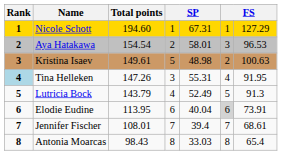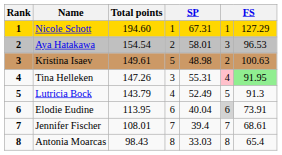 <table class="wikitable sortable">
 <tr>
 <th>Rank</th>
 <th>Name</th>
 <th>Total points</th>
 <th colspan="2" width="80px"><a href='#'>SP</a></th>
 <th colspan="2" width="80px"><a href='#'>FS</a></th>
 </tr>
 <tr bgcolor="gold">
 <td align="center"><strong>1</strong></td>
 <td><a href='#'>Nicole Schott</a></td>
 <td align="center">194.60</td>
 <td align="center">1</td>
 <td align="center">67.31</td>
 <td align="center">1</td>
 <td align="center">127.29</td>
 </tr>
 <tr bgcolor="silver">
 <td align="center"><strong>2</strong></td>
 <td><a href='#'>Aya Hatakawa</a></td>
 <td align="center">154.54</td>
 <td align="center">2</td>
 <td align="center">58.01</td>
 <td align="center">3</td>
 <td align="center">96.53</td>
 </tr>
 <tr bgcolor="cc9966">
 <td align="center"><strong>3</strong></td>
 <td>Kristina Isaev</td>
 <td align="center">149.61</td>
 <td align="center">5</td>
 <td align="center">48.98</td>
 <td align="center">2</td>
 <td align="center">100.63</td>
 </tr>
 <tr>
-<td align="center" style="background: lightblue;"><strong>4</strong></td>
+<td align="center"><strong>4</strong></td>
 <td>Tina Helleken</td>
 <td align="center">147.26</td>
 <td align="center">3</td>
 <td align="center">55.31</td>
-<td align="center">4</td>
-<td align="center">91.95</td>
+<td align="center" style="background: pink;">4</td>
+<td align="center" style="background: lightgreen;">91.95</td>
 </tr>
 <tr>
 <td align="center"><strong>5</strong></td>
 <td><a href='#'>Lutricia Bock</a></td>
 <td align="center">143.79</td>
 <td align="center">4</td>
 <td align="center">52.49</td>
 <td align="center">5</td>
 <td align="center">91.3</td>
 </tr>
 <tr>
 <td align="center"><strong>6</strong></td>
 <td>Elodie Eudine</td>
 <td align="center">113.95</td>
 <td align="center">6</td>
 <td align="center">40.04</td>
 <td align="center" style="background: lightgrey;">6</td>
 <td align="center">73.91</td>
 </tr>
 <tr>
 <td align="center"><strong>7</strong></td>
 <td>Jennifer Fischer</td>
 <td align="center">108.01</td>
 <td align="center">7</td>
 <td align="center">39.4</td>
 <td align="center">7</td>
 <td align="center">68.61</td>
 </tr>
 <tr>
 <td align="center"><strong>8</strong></td>
 <td>Antonia Moarcas</td>
 <td align="center">98.43</td>
 <td align="center">8</td>
 <td align="center">33.03</td>
 <td align="center">8</td>
 <td align="center">65.4</td>
 </tr>
 </table>
